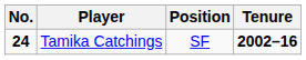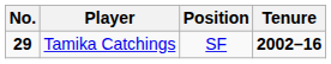 <table class="wikitable" style="text-align:center">
 <tr>
 <th>No.</th>
 <th>Player</th>
 <th>Position</th>
 <th>Tenure</th>
 </tr>
 <tr>
-<td><strong>24</strong></td>
+<td><strong>29</strong></td>
 <td><a href='#'>Tamika Catchings</a></td>
 <td><a href='#'>SF</a></td>
 <td><strong>2002–16</strong></td>
 </tr>
 </table>
